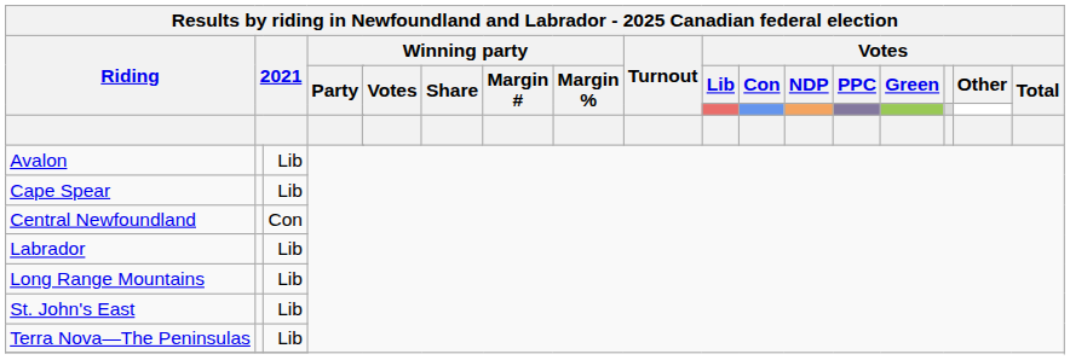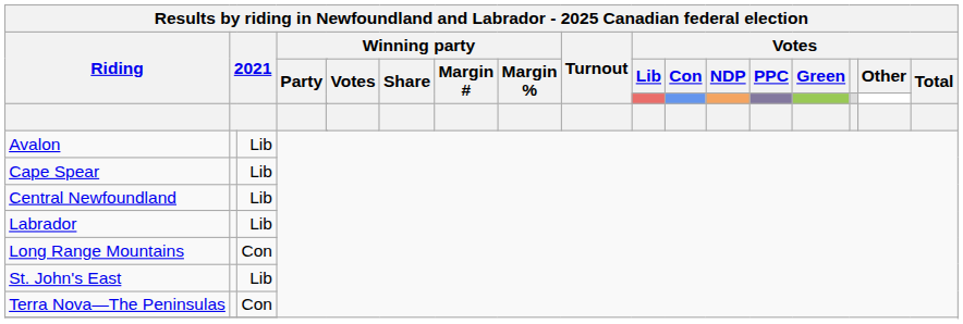 <table class="wikitable sortable mw-collapsible" style="text-align:right; font-size:90%">
 <tr>
 <th colspan="18">Results by riding in Newfoundland and Labrador - 2025 Canadian federal election</th>
 </tr>
 <tr>
 <th rowspan="3" scope="col"><a href='#'>Riding</a></th>
 <th colspan="2" rowspan="3" scope="col"><a href='#'>2021</a></th>
 <th scope="col" colspan="6">Winning party</th>
 <th rowspan="3" scope="col">Turnout<br></th>
 <th scope="col" colspan="8">Votes</th>
 </tr>
 <tr>
 <th colspan="2" rowspan="2" scope="col">Party</th>
 <th rowspan="2" scope="col">Votes</th>
 <th rowspan="2" scope="col">Share</th>
 <th rowspan="2" scope="col">Margin<br>#</th>
 <th rowspan="2" scope="col">Margin<br>%</th>
 <th scope="col"><a href='#'>Lib</a></th>
 <th scope="col"><a href='#'>Con</a></th>
 <th scope="col"><a href='#'>NDP</a></th>
 <th scope="col"><a href='#'>PPC</a></th>
 <th scope="col"><a href='#'>Green</a></th>
 <th scope="col"></th>
 <th scope="col">Other</th>
 <th rowspan="2" scope="col">Total</th>
 </tr>
 <tr>
 <th scope="col" style="color:inherit;background-color:#EA6D6A;"></th>
 <th scope="col" style="color:inherit;background-color:#6495ED;"></th>
 <th scope="col" style="color:inherit;background-color:#F4A460;"></th>
 <th scope="col" style="color:inherit;background-color:#83789E;"></th>
 <th scope="col" style="color:inherit;background-color:#99C955;"></th>
 <th scope="col" style="color:inherit;background-color:#DCDCDC;"></th>
 <th scope="col" style="color:inherit;background-color:#FFFFFF;"></th>
 </tr>
 <tr>
 <th> </th>
 <th colspan="2"></th>
 <th colspan="2"></th>
 <th></th>
 <th></th>
 <th></th>
 <th></th>
 <th></th>
 <th></th>
 <th></th>
 <th></th>
 <th></th>
 <th></th>
 <th></th>
 <th></th>
 <th></th>
 </tr>
 <tr>
 <td style="text-align:left;"><a href='#'>Avalon</a></td>
 <td style="color:inherit;background-color:"></td>
 <td>Lib</td>
 </tr>
 <tr>
 <td style="text-align:left;"><a href='#'>Cape Spear</a></td>
 <td style="color:inherit;background-color:"></td>
 <td>Lib</td>
 </tr>
 <tr>
 <td style="text-align:left;"><a href='#'>Central Newfoundland</a></td>
 <td style="color:inherit;background-color:"></td>
-<td>Con</td>
+<td>Lib</td>
 </tr>
 <tr>
 <td style="text-align:left;"><a href='#'>Labrador</a></td>
 <td style="color:inherit;background-color:"></td>
 <td>Lib</td>
 </tr>
 <tr>
 <td style="text-align:left;"><a href='#'>Long Range Mountains</a></td>
 <td style="color:inherit;background-color:"></td>
-<td>Lib</td>
+<td>Con</td>
 </tr>
 <tr>
 <td style="text-align:left;"><a href='#'>St. John's East</a></td>
 <td style="color:inherit;background-color:"></td>
 <td>Lib</td>
 </tr>
 <tr>
 <td style="text-align:left;"><a href='#'>Terra Nova—The Peninsulas</a></td>
 <td style="color:inherit;background-color:"></td>
-<td>Lib</td>
+<td>Con</td>
 </tr>
 <tr>
 </tr>
 </table>
